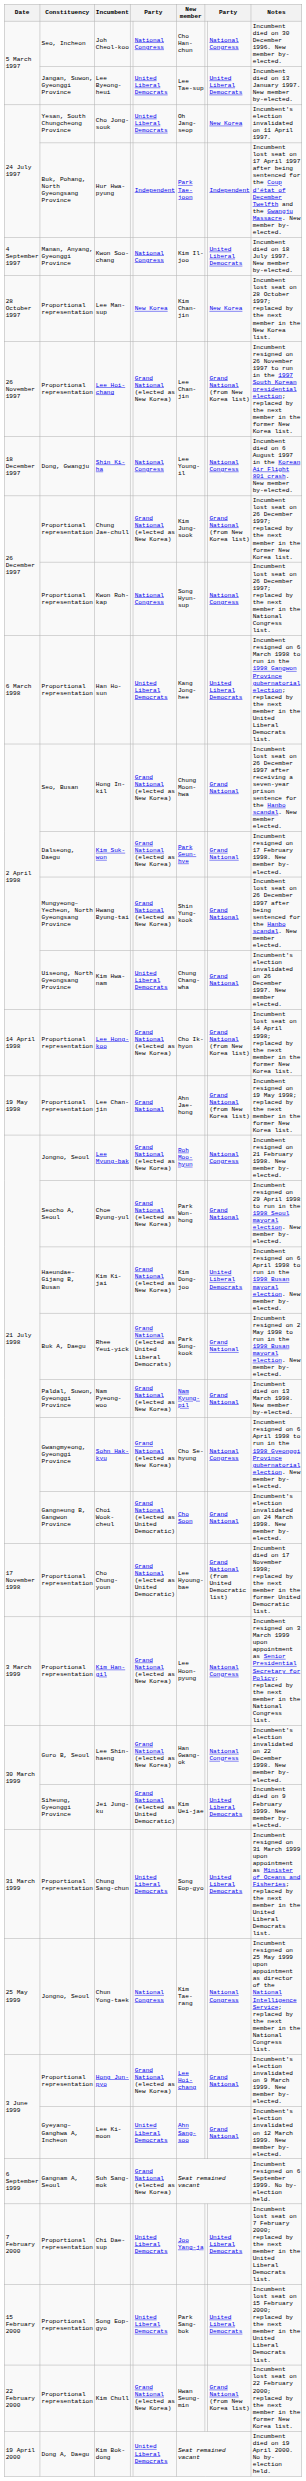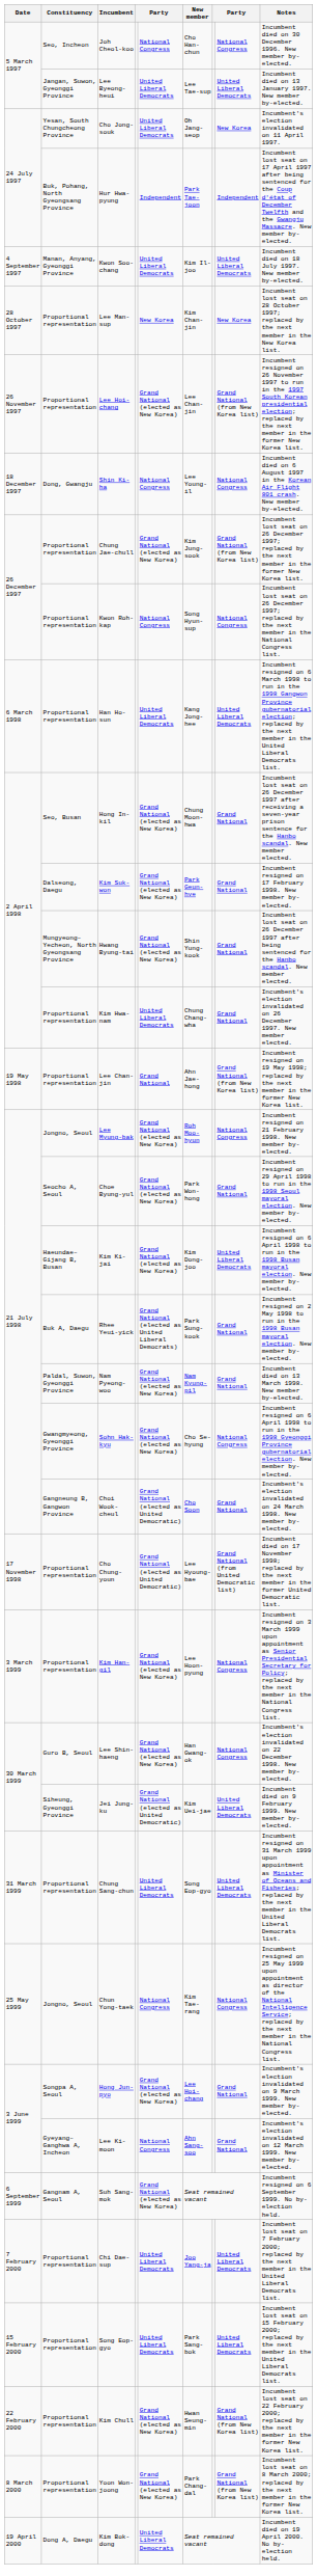 <table class="wikitable sortable plainrowheaders">
 <tr>
 <th width="110px">Date</th>
 <th width="120px">Constituency</th>
 <th width="110px">Incumbent</th>
 <th colspan="2">Party</th>
 <th width="110px">New member</th>
 <th colspan="2">Party</th>
 <th class="unsortable">Notes</th>
 </tr>
 <tr>
 <td rowspan="2">5 March 1997</td>
 <td>Seo, Incheon</td>
 <td>Joh Cheol-koo</td>
 <td></td>
 <td width="90px"><a href='#'>National Congress</a></td>
 <td>Cho Han-chun</td>
 <td></td>
 <td width="90px"><a href='#'>National Congress</a></td>
 <td>Incumbent died on 30 December 1996. New member by-elected.</td>
 </tr>
 <tr>
 <td>Jangan, Suwon, Gyeonggi Province</td>
 <td>Lee Byeong-heui</td>
 <td></td>
 <td><a href='#'>United Liberal Democrats</a></td>
 <td>Lee Tae-sup</td>
 <td></td>
 <td><a href='#'>United Liberal Democrats</a></td>
 <td>Incumbent died on 13 January 1997. New member by-elected.</td>
 </tr>
 <tr>
 <td rowspan="2">24 July 1997</td>
 <td>Yesan, South Chungcheong Province</td>
 <td>Cho Jong-souk</td>
 <td></td>
 <td><a href='#'>United Liberal Democrats</a></td>
 <td>Oh Jang-seop</td>
 <td></td>
 <td><a href='#'>New Korea</a></td>
 <td>Incumbent's election invalidated on 11 April 1997.</td>
 </tr>
 <tr>
 <td>Buk, Pohang, North Gyeongsang Province</td>
 <td>Hur Hwa-pyung</td>
 <td></td>
 <td><a href='#'>Independent</a></td>
 <td><a href='#'>Park Tae-joon</a></td>
 <td></td>
 <td><a href='#'>Independent</a></td>
 <td>Incumbent lost seat on 17 April 1997 after being sentenced for the <a href='#'>Coup d'état of December Twelfth</a> and the <a href='#'>Gwangju Massacre</a>. New member by-elected.</td>
 </tr>
 <tr>
 <td>4 September 1997</td>
 <td>Manan, Anyang, Gyeonggi Province</td>
 <td>Kwon Soo-chang</td>
 <td></td>
-<td><a href='#'>National Congress</a></td>
+<td><a href='#'>United Liberal Democrats</a></td>
 <td>Kim Il-joo</td>
 <td></td>
 <td><a href='#'>United Liberal Democrats</a></td>
 <td>Incumbent died on 18 July 1997. New member by-elected.</td>
 </tr>
 <tr>
 <td>28 October 1997</td>
 <td>Proportional representation</td>
 <td>Lee Man-sup</td>
 <td></td>
 <td><a href='#'>New Korea</a></td>
 <td>Kim Chan-jin</td>
 <td></td>
 <td><a href='#'>New Korea</a></td>
 <td>Incumbent lost seat on 28 October 1997; replaced by the next member in the New Korea list.</td>
 </tr>
 <tr>
 <td>26 November 1997</td>
 <td>Proportional representation</td>
 <td><a href='#'>Lee Hoi-chang</a></td>
 <td></td>
 <td><a href='#'>Grand National</a> (elected as New Korea)</td>
 <td>Lee Chan-jin</td>
 <td></td>
 <td><a href='#'>Grand National</a> (from New Korea list)</td>
 <td>Incumbent resigned on 26 November 1997 to run in the <a href='#'>1997 South Korean presidential election</a>; replaced by the next member in the former New Korea list.</td>
 </tr>
 <tr>
 <td>18 December 1997</td>
 <td>Dong, Gwangju</td>
 <td><a href='#'>Shin Ki-ha</a></td>
 <td></td>
 <td><a href='#'>National Congress</a></td>
 <td>Lee Young-il</td>
 <td></td>
 <td><a href='#'>National Congress</a></td>
 <td>Incumbent died on 6 August 1997 in the <a href='#'>Korean Air Flight 801 crash</a>. New member by-elected.</td>
 </tr>
 <tr>
 <td rowspan="2">26 December 1997</td>
 <td>Proportional representation</td>
 <td>Chung Jae-chull</td>
 <td></td>
 <td><a href='#'>Grand National</a> (elected as New Korea)</td>
 <td>Kim Jung-sook</td>
 <td></td>
 <td><a href='#'>Grand National</a> (from New Korea list)</td>
 <td>Incumbent lost seat on 26 December 1997; replaced by the next member in the former New Korea list.</td>
 </tr>
 <tr>
 <td>Proportional representation</td>
 <td>Kwon Roh-kap</td>
 <td></td>
 <td><a href='#'>National Congress</a></td>
 <td>Song Hyun-sup</td>
 <td></td>
 <td><a href='#'>National Congress</a></td>
 <td>Incumbent lost seat on 26 December 1997; replaced by the next member in the National Congress list.</td>
 </tr>
 <tr>
 <td>6 March 1998</td>
 <td>Proportional representation</td>
 <td>Han Ho-sun</td>
 <td></td>
 <td><a href='#'>United Liberal Democrats</a></td>
 <td>Kang Jong-hee</td>
 <td></td>
 <td><a href='#'>United Liberal Democrats</a></td>
 <td>Incumbent resigned on 6 March 1998 to run in the <a href='#'>1998 Gangwon Province gubernatorial election</a>; replaced by the next member in the United Liberal Democrats list.</td>
 </tr>
 <tr>
 <td rowspan="4">2 April 1998</td>
 <td>Seo, Busan</td>
 <td>Hong In-kil</td>
 <td></td>
 <td><a href='#'>Grand National</a> (elected as New Korea)</td>
 <td>Chung Moon-hwa</td>
 <td></td>
 <td><a href='#'>Grand National</a></td>
 <td>Incumbent lost seat on 26 December 1997 after receiving a seven-year prison sentence for the <a href='#'>Hanbo scandal</a>. New member elected.</td>
 </tr>
 <tr>
 <td>Dalseong, Daegu</td>
 <td><a href='#'>Kim Suk-won</a></td>
 <td></td>
 <td><a href='#'>Grand National</a> (elected as New Korea)</td>
 <td><a href='#'>Park Geun-hye</a></td>
 <td></td>
 <td><a href='#'>Grand National</a></td>
 <td>Incumbent resigned on 17 February 1998. New member by-elected.</td>
 </tr>
 <tr>
 <td>Mungyeong–Yecheon, North Gyeongsang Province</td>
 <td>Hwang Byung-tai</td>
 <td></td>
 <td><a href='#'>Grand National</a> (elected as New Korea)</td>
 <td>Shin Yung-kook</td>
 <td></td>
 <td><a href='#'>Grand National</a></td>
 <td>Incumbent lost seat on 26 December 1997 after being sentenced for the <a href='#'>Hanbo scandal</a>. New member elected.</td>
 </tr>
 <tr>
-<td>Uiseong, North Gyeongsang Province</td>
+<td>Proportional representation</td>
 <td>Kim Hwa-nam</td>
 <td></td>
 <td><a href='#'>United Liberal Democrats</a></td>
 <td>Chung Chang-wha</td>
 <td></td>
 <td><a href='#'>Grand National</a></td>
 <td>Incumbent's election invalidated on 26 December 1997. New member elected.</td>
-</tr>
-<tr>
-<td>14 April 1998</td>
-<td>Proportional representation</td>
-<td><a href='#'>Lee Hong-koo</a></td>
-<td></td>
-<td><a href='#'>Grand National</a> (elected as New Korea)</td>
-<td>Cho Ik-hyon</td>
-<td></td>
-<td><a href='#'>Grand National</a> (from New Korea list)</td>
-<td>Incumbent lost seat on 14 April 1998; replaced by the next member in the former New Korea list.</td>
 </tr>
 <tr>
 <td>19 May 1998</td>
 <td>Proportional representation</td>
 <td>Lee Chan-jin</td>
 <td></td>
 <td><a href='#'>Grand National</a></td>
 <td>Ahn Jae-hong</td>
 <td></td>
 <td><a href='#'>Grand National</a> (from New Korea list)</td>
 <td>Incumbent resigned on 19 May 1998; replaced by the next member in the former New Korea list.</td>
 </tr>
 <tr>
 <td rowspan="7">21 July 1998</td>
 <td>Jongno, Seoul</td>
 <td><a href='#'>Lee Myung-bak</a></td>
 <td></td>
 <td><a href='#'>Grand National</a> (elected as New Korea)</td>
 <td><a href='#'>Roh Moo-hyun</a></td>
 <td></td>
 <td><a href='#'>National Congress</a></td>
 <td>Incumbent resigned on 21 February 1998. New member by-elected.</td>
 </tr>
 <tr>
 <td>Seocho A, Seoul</td>
 <td>Choe Byung-yul</td>
 <td></td>
 <td><a href='#'>Grand National</a> (elected as New Korea)</td>
 <td>Park Won-hong</td>
 <td></td>
 <td><a href='#'>Grand National</a></td>
 <td>Incumbent resigned on 29 April 1998 to run in the <a href='#'>1998 Seoul mayoral election</a>. New member by-elected.</td>
 </tr>
 <tr>
 <td>Haeundae–Gijang B, Busan</td>
 <td>Kim Ki-jai</td>
 <td></td>
 <td><a href='#'>Grand National</a> (elected as New Korea)</td>
 <td>Kim Dong-joo</td>
 <td></td>
 <td><a href='#'>United Liberal Democrats</a></td>
 <td>Incumbent resigned on 6 April 1998 to run in the <a href='#'>1998 Busan mayoral election</a>. New member by-elected.</td>
 </tr>
 <tr>
 <td>Buk A, Daegu</td>
 <td>Rhee Yeui-yick</td>
 <td></td>
 <td><a href='#'>Grand National</a> (elected as United Liberal Democrats)</td>
 <td>Park Sung-kook</td>
 <td></td>
 <td><a href='#'>Grand National</a></td>
 <td>Incumbent resigned on 2 May 1998 to run in the <a href='#'>1998 Busan mayoral election</a>. New member by-elected.</td>
 </tr>
 <tr>
 <td>Paldal, Suwon, Gyeonggi Province</td>
 <td>Nam Pyeong-woo</td>
 <td></td>
 <td><a href='#'>Grand National</a> (elected as New Korea)</td>
 <td><a href='#'>Nam Kyung-pil</a></td>
 <td></td>
 <td><a href='#'>Grand National</a></td>
 <td>Incumbent died on 13 March 1998. New member by-elected.</td>
 </tr>
 <tr>
 <td>Gwangmyeong, Gyeonggi Province</td>
 <td><a href='#'>Sohn Hak-kyu</a></td>
 <td></td>
 <td><a href='#'>Grand National</a> (elected as New Korea)</td>
 <td>Cho Se-hyung</td>
 <td></td>
 <td><a href='#'>National Congress</a></td>
 <td>Incumbent resigned on 6 April 1998 to run in the <a href='#'>1998 Gyeonggi Province gubernatorial election</a>. New member by-elected.</td>
 </tr>
 <tr>
 <td>Gangneung B, Gangwon Province</td>
 <td>Choi Wook-cheul</td>
 <td></td>
 <td><a href='#'>Grand National</a> (elected as United Democratic)</td>
 <td><a href='#'>Cho Soon</a></td>
 <td></td>
 <td><a href='#'>Grand National</a></td>
 <td>Incumbent's election invalidated on 24 March 1998. New member by-elected.</td>
 </tr>
 <tr>
 <td>17 November 1998</td>
 <td>Proportional representation</td>
 <td>Cho Chung-youn</td>
 <td></td>
 <td><a href='#'>Grand National</a> (elected as United Democratic)</td>
 <td>Lee Hyoung-bae</td>
 <td></td>
 <td><a href='#'>Grand National</a> (from United Democratic list)</td>
 <td>Incumbent died on 17 November 1998; replaced by the next member in the former United Democratic list.</td>
 </tr>
 <tr>
 <td>3 March 1999</td>
 <td>Proportional representation</td>
 <td><a href='#'>Kim Han-gil</a></td>
 <td></td>
 <td><a href='#'>Grand National</a> (elected as New Korea)</td>
 <td>Lee Hoon-pyung</td>
 <td></td>
 <td><a href='#'>National Congress</a></td>
 <td>Incumbent resigned on 3 March 1999 upon appointment as <a href='#'>Senior Presidential Secretary for Policy</a>; replaced by the next member in the National Congress list.</td>
 </tr>
 <tr>
 <td rowspan="2">30 March 1999</td>
 <td>Guro B, Seoul</td>
 <td>Lee Shin-haeng</td>
 <td></td>
 <td><a href='#'>Grand National</a> (elected as New Korea)</td>
 <td>Han Gwang-ok</td>
 <td></td>
 <td><a href='#'>National Congress</a></td>
 <td>Incumbent's election invalidated on 22 December 1998. New member by-elected.</td>
 </tr>
 <tr>
 <td>Siheung, Gyeonggi Province</td>
 <td>Jei Jung-ku</td>
 <td></td>
 <td><a href='#'>Grand National</a> (elected as United Democratic)</td>
 <td>Kim Uei-jae</td>
 <td></td>
 <td><a href='#'>United Liberal Democrats</a></td>
 <td>Incumbent died on 9 February 1999. New member by-elected.</td>
 </tr>
 <tr>
 <td>31 March 1999</td>
 <td>Proportional representation</td>
 <td>Chung Sang-chun</td>
 <td></td>
 <td><a href='#'>United Liberal Democrats</a></td>
 <td>Song Eop-gyo</td>
 <td></td>
 <td><a href='#'>United Liberal Democrats</a></td>
 <td>Incumbent resigned on 31 March 1999 upon appointment as  <a href='#'>Minister of Oceans and Fisheries</a>; replaced by the next member in the United Liberal Democrats list.</td>
 </tr>
 <tr>
 <td>25 May 1999</td>
 <td>Jongno, Seoul</td>
 <td>Chun Yong-taek</td>
 <td></td>
 <td><a href='#'>National Congress</a></td>
 <td>Kim Tae-rang</td>
 <td></td>
 <td><a href='#'>National Congress</a></td>
 <td>Incumbent resigned on 25 May 1999 upon appointment as director of the <a href='#'>National Intelligence Service</a>; replaced by the next member in the National Congress list.</td>
 </tr>
 <tr>
 <td rowspan="2">3 June 1999</td>
-<td>Proportional representation</td>
+<td>Songpa A, Seoul</td>
 <td><a href='#'>Hong Jun-pyo</a></td>
 <td></td>
 <td><a href='#'>Grand National</a> (elected as New Korea)</td>
 <td><a href='#'>Lee Hoi-chang</a></td>
 <td></td>
 <td><a href='#'>Grand National</a></td>
 <td>Incumbent's election invalidated on 9 March 1999. New member by-elected.</td>
 </tr>
 <tr>
 <td>Gyeyang–Ganghwa A, Incheon</td>
 <td>Lee Ki-moon</td>
 <td></td>
-<td><a href='#'>United Liberal Democrats</a></td>
+<td><a href='#'>National Congress</a></td>
 <td><a href='#'>Ahn Sang-soo</a></td>
 <td></td>
 <td><a href='#'>Grand National</a></td>
 <td>Incumbent's election invalidated on 12 March 1999. New member by-elected.</td>
 </tr>
 <tr>
 <td>6 September 1999</td>
 <td>Gangnam A, Seoul</td>
 <td>Suh Sang-mok</td>
 <td></td>
 <td><a href='#'>Grand National</a> (elected as New Korea)</td>
 <td colspan="3"><em>Seat remained vacant</em></td>
 <td>Incumbent resigned on 6 September 1999. No by-election held.</td>
 </tr>
 <tr>
 <td>7 February 2000</td>
 <td>Proportional representation</td>
 <td>Chi Dae-sup</td>
 <td></td>
 <td><a href='#'>United Liberal Democrats</a></td>
 <td><a href='#'>Joo Yang-ja</a></td>
 <td></td>
 <td><a href='#'>United Liberal Democrats</a></td>
 <td>Incumbent lost seat on 7 February 2000; replaced by the next member in the United Liberal Democrats list.</td>
 </tr>
 <tr>
 <td>15 February 2000</td>
 <td>Proportional representation</td>
 <td>Song Eop-gyo</td>
 <td></td>
 <td><a href='#'>United Liberal Democrats</a></td>
 <td>Park Sang-bok</td>
 <td></td>
 <td><a href='#'>United Liberal Democrats</a></td>
 <td>Incumbent lost seat on 15 February 2000; replaced by the next member in the United Liberal Democrats list.</td>
 </tr>
 <tr>
 <td>22 February 2000</td>
 <td>Proportional representation</td>
 <td>Kim Chull</td>
 <td></td>
 <td><a href='#'>Grand National</a> (elected as New Korea)</td>
 <td>Hwan Seung-min</td>
 <td></td>
 <td><a href='#'>Grand National</a> (from New Korea list)</td>
 <td>Incumbent lost seat on 22 February 2000; replaced by the next member in the former New Korea list.</td>
 </tr>
 <tr>
+<td>8 March 2000</td>
+<td>Proportional representation</td>
+<td>Yoon Won-joong</td>
+<td></td>
+<td><a href='#'>Grand National</a> (elected as New Korea)</td>
+<td>Park Chang-dal</td>
+<td></td>
+<td><a href='#'>Grand National</a> (from New Korea list)</td>
+<td>Incumbent lost seat on 8 March 2000; replaced by the next member in the former New Korea list.</td>
+</tr>
+<tr>
 <td>19 April 2000</td>
 <td>Dong A, Daegu</td>
 <td>Kim Bok-dong</td>
 <td></td>
 <td><a href='#'>United Liberal Democrats</a></td>
 <td colspan="3"><em>Seat remained vacant</em></td>
 <td>Incumbent died on 19 April 2000. No by-election held.</td>
 </tr>
 </table>
